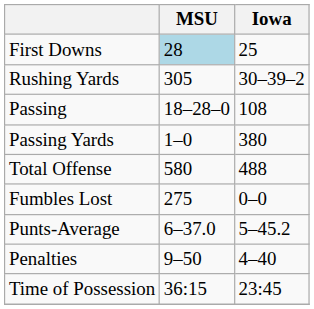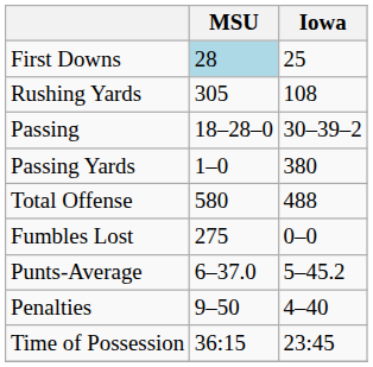 <table class="wikitable">
 <tr>
 <th></th>
 <th>MSU</th>
 <th>Iowa</th>
 </tr>
 <tr>
 <td>First Downs</td>
 <td style="background: lightblue;">28</td>
 <td>25</td>
 </tr>
 <tr>
 <td>Rushing Yards</td>
 <td>305</td>
-<td>30–39–2</td>
+<td>108</td>
 </tr>
 <tr>
 <td>Passing</td>
 <td>18–28–0</td>
-<td>108</td>
+<td>30–39–2</td>
 </tr>
 <tr>
 <td>Passing Yards</td>
 <td>1–0</td>
 <td>380</td>
 </tr>
 <tr>
 <td>Total Offense</td>
 <td>580</td>
 <td>488</td>
 </tr>
 <tr>
 <td>Fumbles Lost</td>
 <td>275</td>
 <td>0–0</td>
 </tr>
 <tr>
 <td>Punts-Average</td>
 <td>6–37.0</td>
 <td>5–45.2</td>
 </tr>
 <tr>
 <td>Penalties</td>
 <td>9–50</td>
 <td>4–40</td>
 </tr>
 <tr>
 <td>Time of Possession</td>
 <td>36:15</td>
 <td>23:45</td>
 </tr>
 <tr>
 </tr>
 </table>
